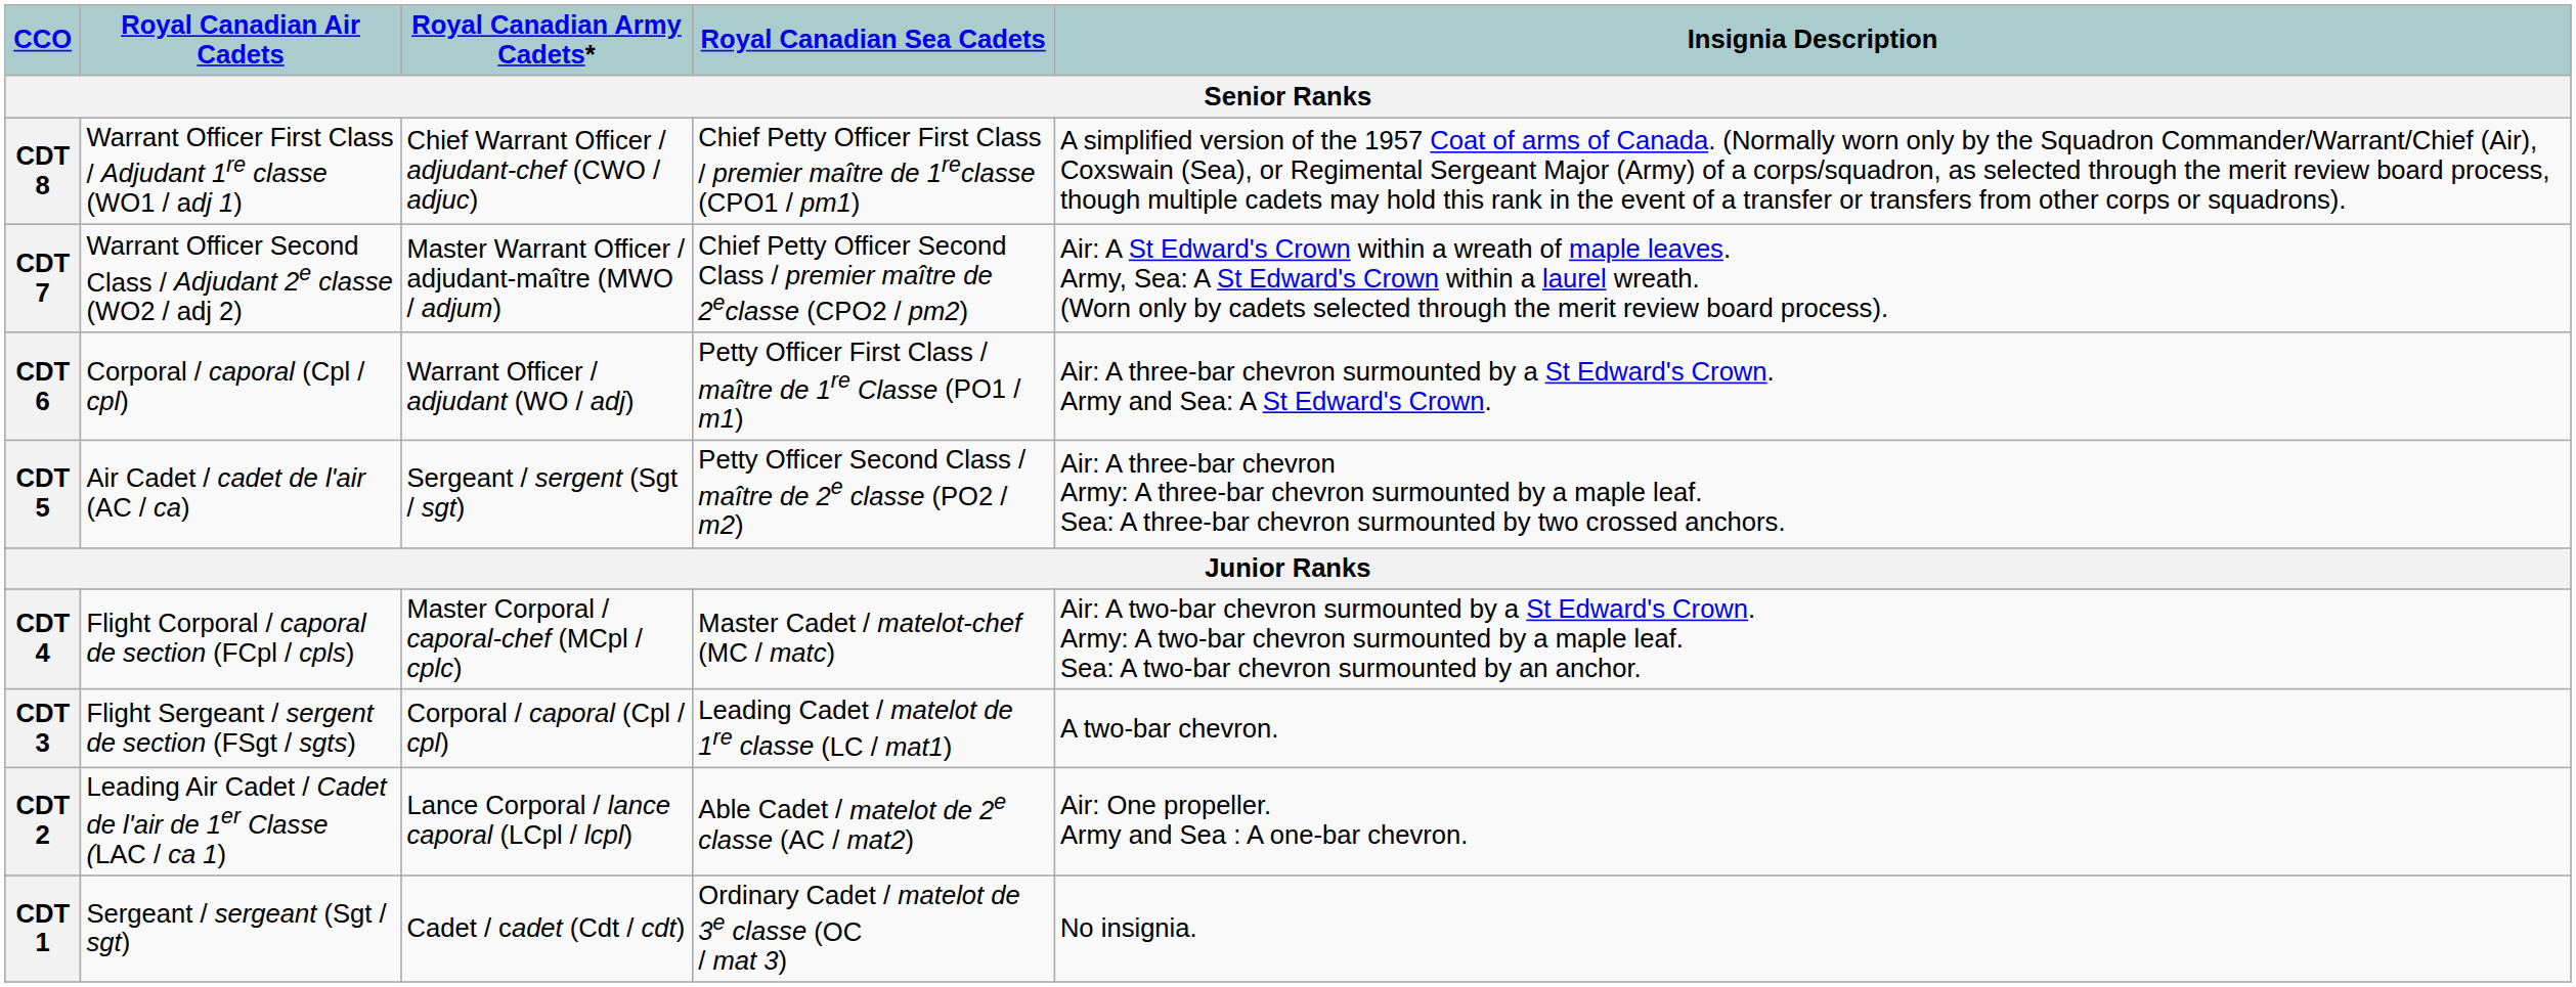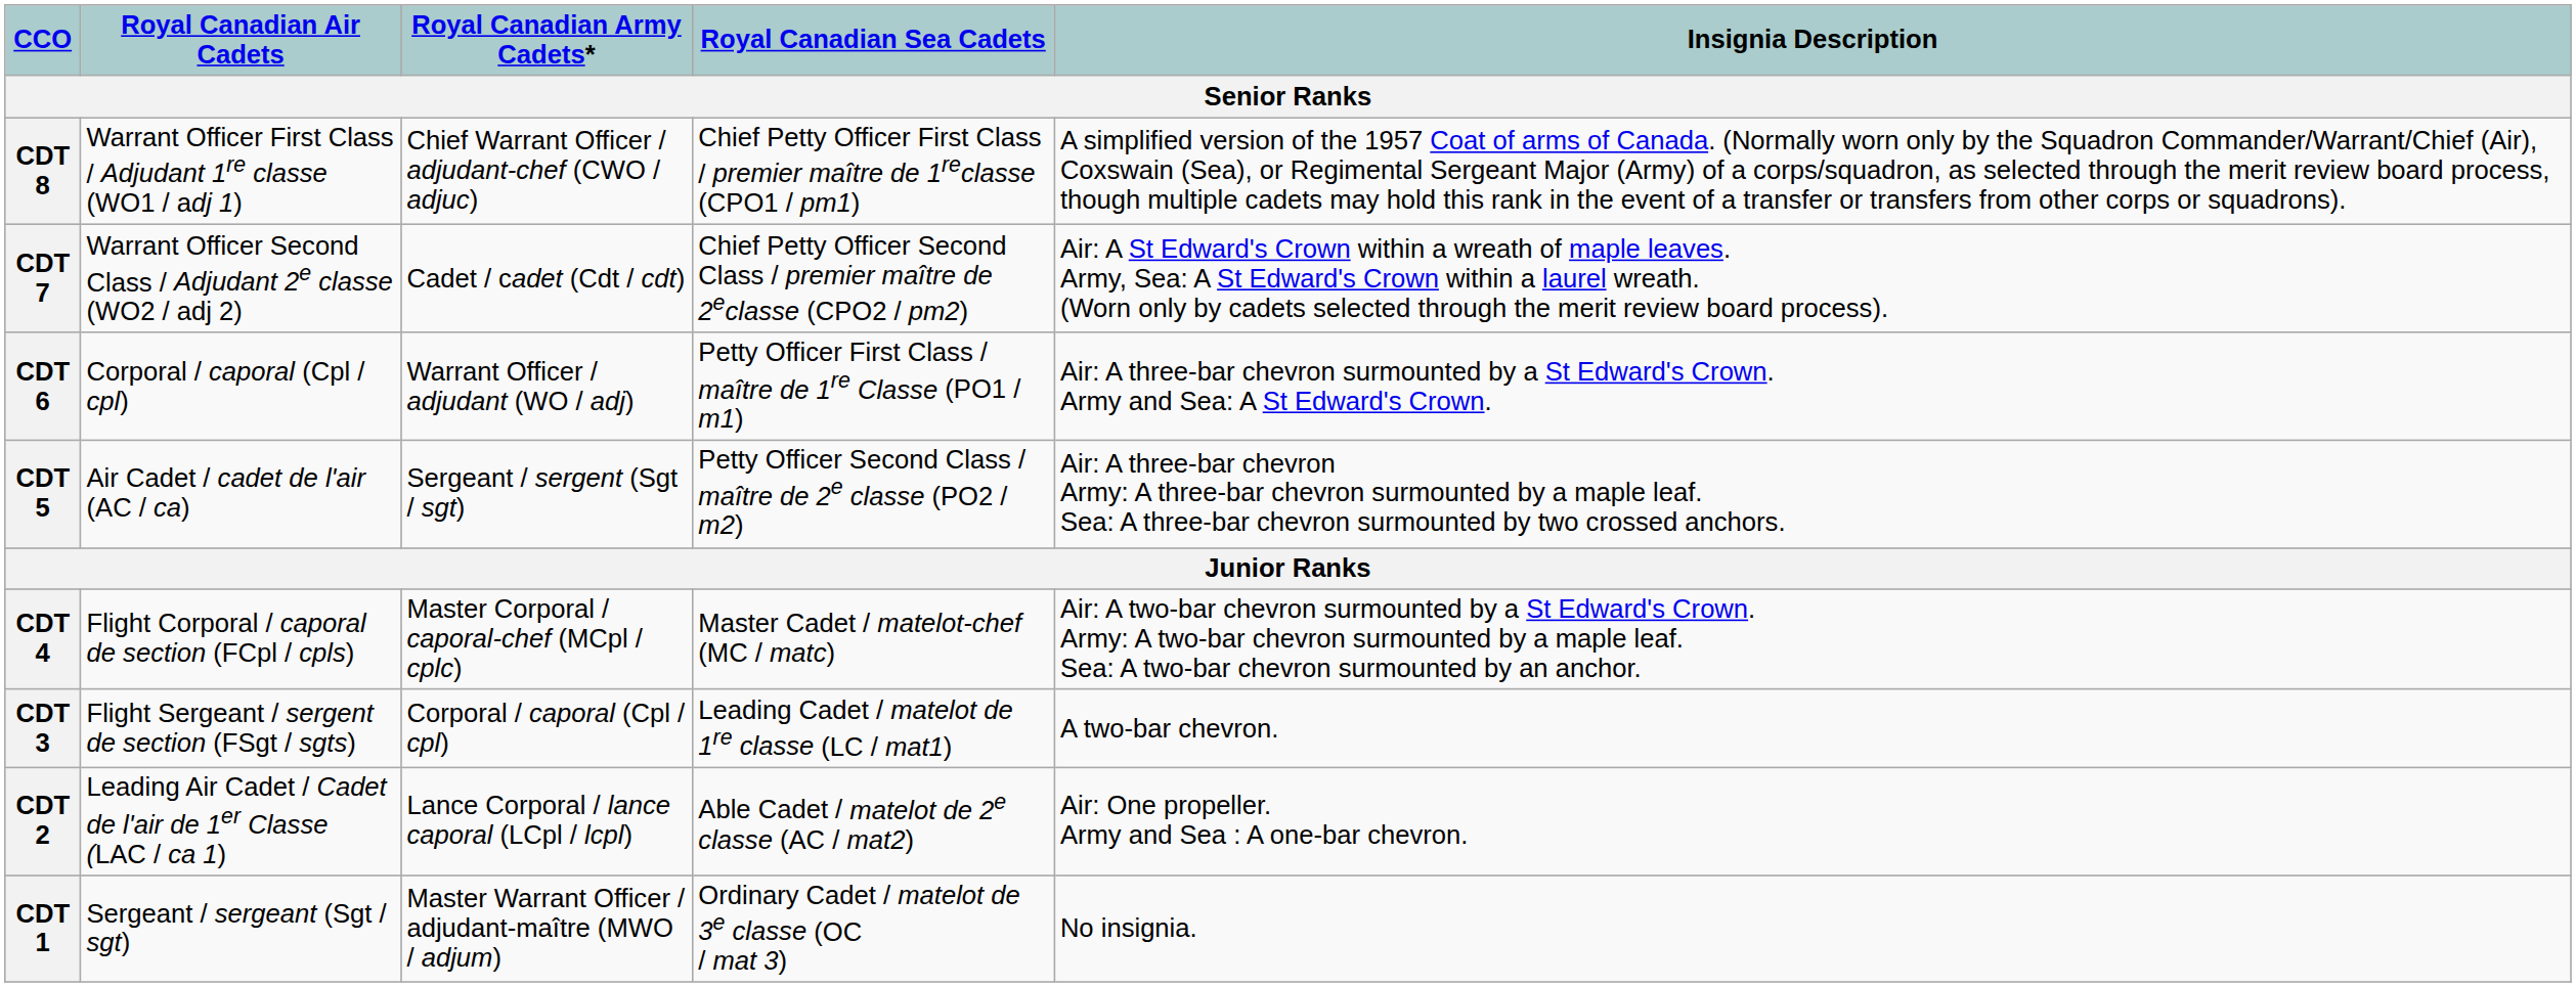 <table class="wikitable">
 <tr style="text-align: center; background: #aacccc;">
 <td><strong><a href='#'>CCO</a></strong></td>
 <td><strong><a href='#'>Royal Canadian Air Cadets</a></strong></td>
 <td><strong><a href='#'>Royal Canadian Army Cadets</a>*</strong></td>
 <td><strong><a href='#'>Royal Canadian Sea Cadets</a></strong></td>
 <td><strong>Insignia Description</strong></td>
 </tr>
 <tr>
 <th colspan=" 5 "><strong>Senior Ranks</strong></th>
 </tr>
 <tr>
 <th><strong>CDT 8</strong></th>
 <td>Warrant Officer First Class / <em>Adjudant 1<sup>re</sup> classe</em> (WO1 / a<em>dj 1</em>)</td>
 <td>Chief Warrant Officer / <em>adjudant-chef</em> (CWO / <em>adjuc</em>)</td>
 <td>Chief Petty Officer First Class / <em>premier maître de 1<sup>re</sup>classe</em> (CPO1 / <em>pm1</em>)</td>
 <td>A simplified version of the 1957 <a href='#'>Coat of arms of Canada</a>. (Normally worn only by the Squadron Commander/Warrant/Chief (Air), Coxswain (Sea), or Regimental Sergeant Major (Army) of a corps/squadron, as selected through the merit review board process, though multiple cadets may hold this rank in the event of a transfer or transfers from other corps or squadrons).</td>
 </tr>
 <tr>
 <th><strong>CDT 7</strong></th>
 <td>Warrant Officer Second Class / <em>Adjudant 2<sup>e</sup> classe</em> (WO2 / adj 2)</td>
-<td>Master Warrant Officer / adjudant-maître (MWO / <em>adjum</em>)</td>
+<td>Cadet / c<em>adet</em> (Cdt / <em>cdt</em>)<br></td>
 <td>Chief Petty Officer Second Class / <em>premier maître de 2<sup>e</sup>classe</em> (CPO2 / <em>pm2</em>)</td>
 <td>Air: A <a href='#'>St Edward's Crown</a> within a wreath of <a href='#'>maple leaves</a>.<br>Army, Sea: A <a href='#'>St Edward's Crown</a> within a <a href='#'>laurel</a> wreath.<br>(Worn only by cadets selected through the merit review board process).</td>
 </tr>
 <tr>
 <th><strong>CDT 6</strong></th>
 <td>Corporal / <em>caporal</em> (Cpl / <em>cpl</em>)</td>
 <td>Warrant Officer / <em>adjudant</em> (WO / <em>adj</em>)</td>
 <td>Petty Officer First Class / <em>maître de 1<sup>re</sup> Classe</em>  (PO1 / <em>m1</em>)</td>
 <td>Air: A three-bar chevron surmounted by a <a href='#'>St Edward's Crown</a>.<br>Army and Sea: A <a href='#'>St Edward's Crown</a>.</td>
 </tr>
 <tr>
 <th><strong>CDT 5</strong></th>
 <td>Air Cadet / <em>cadet de l'air</em> (AC / <em>ca</em>)<br></td>
 <td>Sergeant / <em>sergent</em> (Sgt / <em>sgt</em>)</td>
 <td>Petty Officer Second Class / <em>maître de 2<sup>e</sup> classe</em> (PO2 / <em>m2</em>)</td>
 <td>Air: A three-bar chevron<br>Army: A three-bar chevron surmounted by a maple leaf.<br>Sea: A three-bar chevron surmounted by two crossed anchors.</td>
 </tr>
 <tr>
 <th colspan=" 5 ">Junior Ranks</th>
 </tr>
 <tr>
 <th><strong>CDT 4</strong></th>
 <td>Flight Corporal / <em>caporal de section</em> (FCpl / <em>cpls</em>)</td>
 <td>Master Corporal / <em>caporal-chef</em> (MCpl / <em>cplc</em>)</td>
 <td>Master Cadet / <em>matelot-chef</em> (MC / <em>matc</em>)</td>
 <td>Air: A two-bar chevron surmounted by a <a href='#'>St Edward's Crown</a>.<br>Army: A two-bar chevron surmounted by a maple leaf.<br>Sea: A two-bar chevron surmounted by an anchor.</td>
 </tr>
 <tr>
 <th><strong>CDT 3</strong></th>
 <td>Flight Sergeant / <em>sergent de section</em> (FSgt / <em>sgts</em>)</td>
 <td>Corporal / <em>caporal</em> (Cpl / <em>cpl</em>)</td>
 <td>Leading Cadet / <em>matelot de 1<sup>re</sup> classe</em> (LC / <em>mat1</em>)</td>
 <td>A two-bar chevron.</td>
 </tr>
 <tr>
 <th><strong>CDT 2</strong></th>
 <td>Leading Air Cadet / <em>Cadet de l'air de 1<sup>er</sup> Classe (</em>LAC / <em>ca 1</em>)</td>
 <td>Lance Corporal / <em>lance caporal</em> (LCpl / <em>lcpl</em>)</td>
 <td>Able Cadet / <em>matelot de 2<sup>e</sup> classe</em> (AC / <em>mat2</em>)</td>
 <td>Air: One propeller.<br>Army and Sea : A one-bar chevron.</td>
 </tr>
 <tr>
 <th><strong>CDT 1</strong></th>
 <td>Sergeant / <em>sergeant</em> (Sgt / <em>sgt</em>)</td>
-<td>Cadet / c<em>adet</em> (Cdt / <em>cdt</em>)<br></td>
+<td>Master Warrant Officer / adjudant-maître (MWO / <em>adjum</em>)</td>
 <td>Ordinary Cadet / <em>matelot de 3<sup>e</sup> classe</em> (OC<br>/ <em>mat 3</em>)</td>
 <td>No insignia.</td>
 </tr>
 </table>
